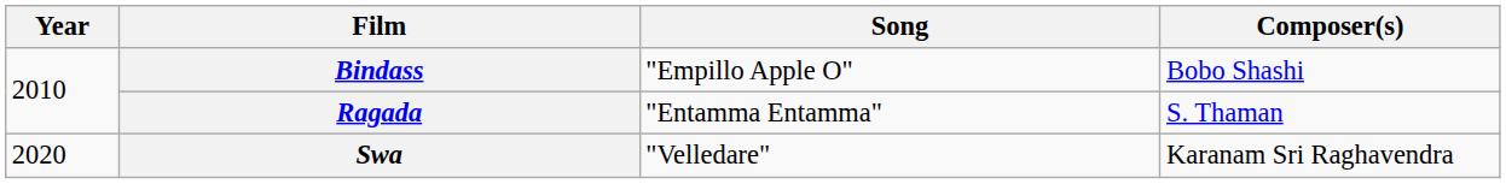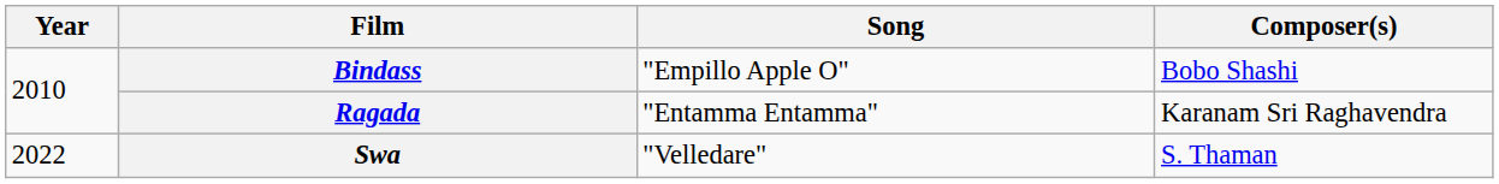 <table class="wikitable plainrowheaders" width="100%" textcolor:#000;">
 <tr style="background:#b0e0e66;">
 <th scope="col" width=5%><strong>Year</strong></th>
 <th scope="col" width=23%><strong>Film</strong></th>
 <th scope="col" width=23%><strong>Song</strong></th>
 <th scope="col" width=15%><strong>Composer(s)</strong></th>
 </tr>
 <tr>
 <td rowspan="2">2010</td>
 <th><em><a href='#'>Bindass</a></em></th>
 <td>"Empillo Apple O"</td>
 <td><a href='#'>Bobo Shashi</a></td>
 </tr>
 <tr>
 <th><em><a href='#'>Ragada</a></em></th>
 <td>"Entamma Entamma"</td>
+<td>Karanam Sri Raghavendra</td>
+</tr>
+<tr>
+<td>2022</td>
+<th><em>Swa</em></th>
+<td>"Velledare"</td>
 <td><a href='#'>S. Thaman</a></td>
 </tr>
-<tr>
-<td>2020</td>
-<th><em>Swa</em></th>
-<td>"Velledare"</td>
-<td>Karanam Sri Raghavendra</td>
-</tr>
 </table>
